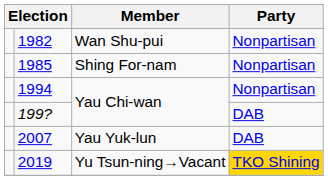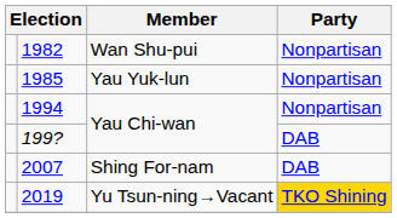 <table class="wikitable">
 <tr>
 <th colspan="2">Election</th>
 <th>Member</th>
 <th>Party</th>
 </tr>
 <tr>
 <td style="color:inherit;background:"></td>
 <td><a href='#'>1982</a></td>
 <td>Wan Shu-pui</td>
 <td><a href='#'>Nonpartisan</a></td>
 </tr>
 <tr>
 <td style="color:inherit;background:"></td>
 <td><a href='#'>1985</a></td>
-<td>Shing For-nam</td>
+<td>Yau Yuk-lun</td>
 <td><a href='#'>Nonpartisan</a></td>
 </tr>
 <tr>
 <td style="color:inherit;background:"></td>
 <td><a href='#'>1994</a></td>
 <td rowspan=2>Yau Chi-wan</td>
 <td><a href='#'>Nonpartisan</a></td>
 </tr>
 <tr>
 <td style="color:inherit;background:"></td>
 <td><em>199?</em></td>
 <td><a href='#'>DAB</a></td>
 </tr>
 <tr>
 <td style="color:inherit;background:"></td>
 <td><a href='#'>2007</a></td>
-<td>Yau Yuk-lun</td>
+<td>Shing For-nam</td>
 <td><a href='#'>DAB</a></td>
 </tr>
 <tr>
 <td style="color:inherit;background:"></td>
 <td><a href='#'>2019</a></td>
 <td>Yu Tsun-ning→Vacant</td>
 <td style="background: gold;"><a href='#'>TKO Shining</a></td>
 </tr>
 <tr>
 </tr>
 </table>
